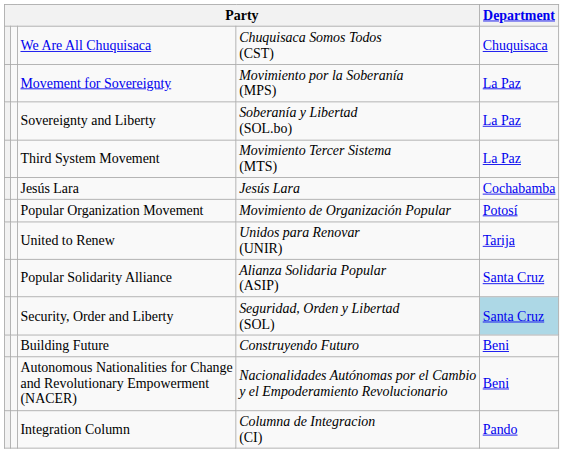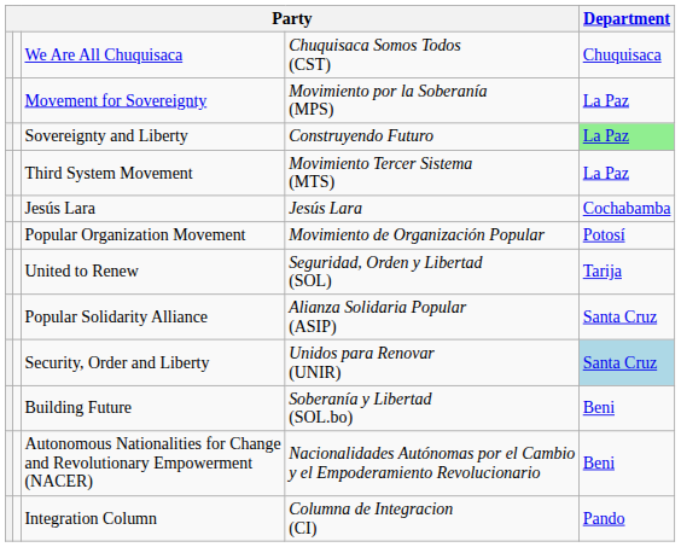 <table class="wikitable sortable">
 <tr>
 <th colspan="4">Party</th>
 <th><a href='#'>Department</a></th>
 </tr>
 <tr>
 <th style="background-color:"></th>
 <td></td>
 <td><a href='#'>We Are All Chuquisaca</a></td>
 <td><em>Chuquisaca Somos Todos</em><br>(CST)</td>
 <td><a href='#'>Chuquisaca</a></td>
 </tr>
 <tr>
 <th style="background-color:"></th>
 <td></td>
 <td><a href='#'>Movement for Sovereignty</a></td>
 <td><em>Movimiento por la Soberanía</em><br>(MPS)</td>
 <td><a href='#'>La Paz</a></td>
 </tr>
 <tr>
 <th style="background-color:"></th>
 <td></td>
 <td>Sovereignty and Liberty</td>
-<td><em>Soberanía y Libertad </em><br>(SOL.bo)</td>
-<td><a href='#'>La Paz</a></td>
+<td><em>Construyendo Futuro</em></td>
+<td style="background: lightgreen;"><a href='#'>La Paz</a></td>
 </tr>
 <tr>
 <th style="background-color:"></th>
 <td></td>
 <td>Third System Movement</td>
 <td><em>Movimiento Tercer Sistema</em><br>(MTS)</td>
 <td><a href='#'>La Paz</a></td>
 </tr>
 <tr>
 <th style="background-color:"></th>
 <td></td>
 <td>Jesús Lara</td>
 <td><em>Jesús Lara</em></td>
 <td><a href='#'>Cochabamba</a></td>
 </tr>
 <tr>
 <th style="background-color:"></th>
 <td></td>
 <td>Popular Organization Movement</td>
 <td><em>Movimiento de Organización Popular</em></td>
 <td><a href='#'>Potosí</a></td>
 </tr>
 <tr>
 <th style="background-color:"></th>
 <td></td>
 <td>United to Renew</td>
-<td><em>Unidos para Renovar</em><br>(UNIR)</td>
+<td><em>Seguridad, Orden y Libertad</em><br>(SOL)</td>
 <td><a href='#'>Tarija</a></td>
 </tr>
 <tr>
 <th style="background-color:"></th>
 <td></td>
 <td>Popular Solidarity Alliance</td>
 <td><em>Alianza Solidaria Popular</em><br>(ASIP)</td>
 <td><a href='#'>Santa Cruz</a></td>
 </tr>
 <tr>
 <th style="background-color:"></th>
 <td></td>
 <td>Security, Order and Liberty</td>
-<td><em>Seguridad, Orden y Libertad</em><br>(SOL)</td>
+<td><em>Unidos para Renovar</em><br>(UNIR)</td>
 <td style="background: lightblue;"><a href='#'>Santa Cruz</a></td>
 </tr>
 <tr>
 <th style="background-color:"></th>
 <td></td>
 <td>Building Future</td>
-<td><em>Construyendo Futuro</em></td>
+<td><em>Soberanía y Libertad </em><br>(SOL.bo)</td>
 <td><a href='#'>Beni</a></td>
 </tr>
 <tr>
 <th style="background-color:"></th>
 <td></td>
 <td>Autonomous Nationalities for Change<br>and Revolutionary Empowerment<br>(NACER)</td>
 <td><em>Nacionalidades Autónomas por el Cambio<br>y el Empoderamiento Revolucionario</em></td>
 <td><a href='#'>Beni</a></td>
 </tr>
 <tr>
 <th style="background-color:"></th>
 <td></td>
 <td>Integration Column</td>
 <td><em>Columna de Integracion</em><br>(CI)</td>
 <td><a href='#'>Pando</a></td>
 </tr>
 </table>
